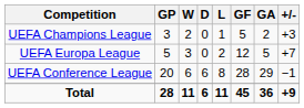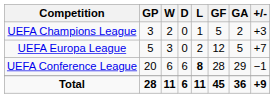 <table class="wikitable" style="text-align:center">
 <tr>
 <th>Competition</th>
 <th>GP</th>
 <th>W</th>
 <th>D</th>
 <th>L</th>
 <th>GF</th>
 <th>GA</th>
 <th>+/-</th>
 </tr>
 <tr>
 <td><a href='#'>UEFA Champions League</a></td>
 <td>3</td>
 <td>2</td>
 <td>0</td>
 <td>1</td>
 <td>5</td>
 <td>2</td>
 <td>+3</td>
 </tr>
 <tr>
 <td><a href='#'>UEFA Europa League</a></td>
 <td>5</td>
 <td>3</td>
 <td>0</td>
 <td>2</td>
 <td>12</td>
 <td>5</td>
 <td>+7</td>
 </tr>
 <tr>
 <td><a href='#'>UEFA Conference League</a></td>
 <td>20</td>
 <td>6</td>
 <td>6</td>
-<td>8</td>
+<td><strong>8</strong></td>
 <td>28</td>
 <td>29</td>
 <td>−1</td>
 </tr>
 <tr>
 </tr>
 <tr class="unsortable">
 <td><strong>Total</strong></td>
 <td><strong>28</strong></td>
 <td><strong>11</strong></td>
 <td><strong>6</strong></td>
 <td><strong>11</strong></td>
 <td><strong>45</strong></td>
 <td><strong>36</strong></td>
 <td><strong>+9</strong></td>
 </tr>
 </table>
